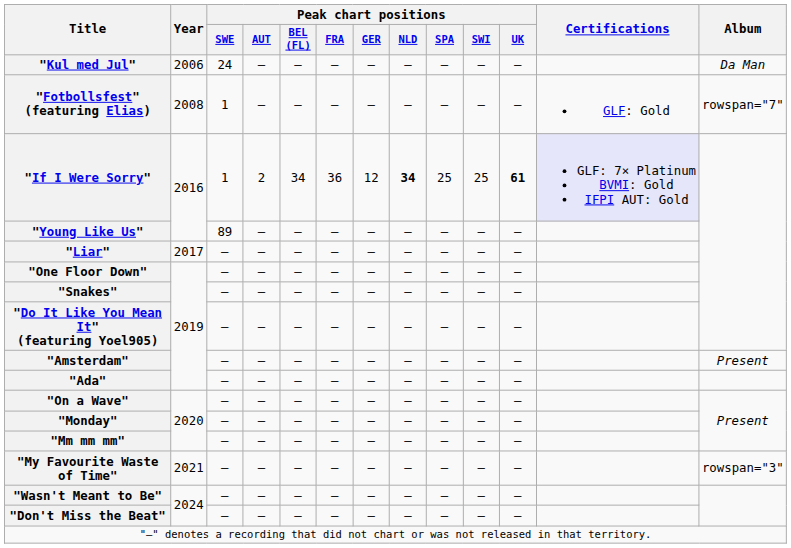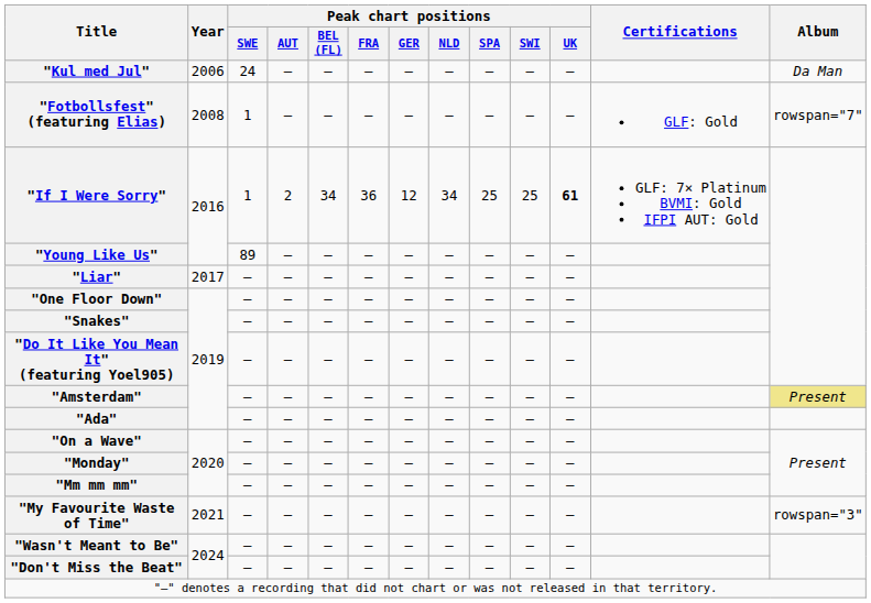 <table class="wikitable plainrowheaders" style="text-align:center;">
 <tr>
 <th scope="col" rowspan="2" style="width:13em;">Title</th>
 <th scope="col" rowspan="2" style="width:1em;">Year</th>
 <th scope="col" colspan="9">Peak chart positions</th>
 <th scope="col" rowspan="2"><a href='#'>Certifications</a></th>
 <th scope="col" rowspan="2">Album</th>
 </tr>
 <tr>
 <th scope="col" style="width:3em;font-size:85%;"><a href='#'>SWE</a><br></th>
 <th scope="col" style="width:3em;font-size:85%;"><a href='#'>AUT</a><br></th>
 <th scope="col" style="width:3em;font-size:85%;"><a href='#'>BEL (FL)</a><br></th>
 <th scope="col" style="width:3em;font-size:85%;"><a href='#'>FRA</a><br></th>
 <th scope="col" style="width:3em;font-size:85%;"><a href='#'>GER</a><br></th>
 <th scope="col" style="width:3em;font-size:85%;"><a href='#'>NLD</a><br></th>
 <th scope="col" style="width:3em;font-size:85%;"><a href='#'>SPA</a><br></th>
 <th scope="col" style="width:3em;font-size:85%;"><a href='#'>SWI</a><br></th>
 <th scope="col" style="width:3em;font-size:85%;"><a href='#'>UK</a><br></th>
 </tr>
 <tr>
 <th scope="row">"<a href='#'>Kul med Jul</a>"</th>
 <td>2006</td>
 <td>24</td>
 <td>—</td>
 <td>—</td>
 <td>—</td>
 <td>—</td>
 <td>—</td>
 <td>—</td>
 <td>—</td>
 <td>—</td>
 <td></td>
 <td><em>Da Man</em></td>
 </tr>
 <tr>
 <th scope="row">"<a href='#'>Fotbollsfest</a>"<br><span>(featuring <a href='#'>Elias</a>)</span></th>
 <td>2008</td>
 <td>1</td>
 <td>—</td>
 <td>—</td>
 <td>—</td>
 <td>—</td>
 <td>—</td>
 <td>—</td>
 <td>—</td>
 <td>—</td>
 <td><br><ul><li><a href='#'>GLF</a>: Gold</li></ul></td>
 <td>rowspan="7" </td>
 </tr>
 <tr>
 <th scope="row">"<a href='#'>If I Were Sorry</a>"</th>
 <td rowspan="2">2016</td>
 <td>1</td>
 <td>2</td>
 <td>34</td>
 <td>36</td>
 <td>12</td>
-<td><strong>34</strong></td>
+<td>34</td>
 <td>25</td>
 <td>25</td>
 <td><strong>61</strong></td>
-<td style="background: lavender;"><br><ul><li>GLF: 7× Platinum</li><li><a href='#'>BVMI</a>: Gold</li><li><a href='#'>IFPI</a> AUT: Gold</li></ul></td>
+<td><br><ul><li>GLF: 7× Platinum</li><li><a href='#'>BVMI</a>: Gold</li><li><a href='#'>IFPI</a> AUT: Gold</li></ul></td>
 </tr>
 <tr>
 <th scope="row">"<a href='#'>Young Like Us</a>"</th>
 <td>89</td>
 <td>—</td>
 <td>—</td>
 <td>—</td>
 <td>—</td>
 <td>—</td>
 <td>—</td>
 <td>—</td>
 <td>—</td>
 <td></td>
 </tr>
 <tr>
 <th scope="row">"<a href='#'>Liar</a>"</th>
 <td>2017</td>
 <td>—</td>
 <td>—</td>
 <td>—</td>
 <td>—</td>
 <td>—</td>
 <td>—</td>
 <td>—</td>
 <td>—</td>
 <td>—</td>
 <td></td>
 </tr>
 <tr>
 <th scope="row">"One Floor Down"</th>
 <td rowspan="5">2019</td>
 <td>—</td>
 <td>—</td>
 <td>—</td>
 <td>—</td>
 <td>—</td>
 <td>—</td>
 <td>—</td>
 <td>—</td>
 <td>—</td>
 <td></td>
 </tr>
 <tr>
 <th scope="row">"Snakes"</th>
 <td>—</td>
 <td>—</td>
 <td>—</td>
 <td>—</td>
 <td>—</td>
 <td>—</td>
 <td>—</td>
 <td>—</td>
 <td>—</td>
 <td></td>
 </tr>
 <tr>
 <th scope="row">"<a href='#'>Do It Like You Mean It</a>"<br><span>(featuring Yoel905)</span></th>
 <td>—</td>
 <td>—</td>
 <td>—</td>
 <td>—</td>
 <td>—</td>
 <td>—</td>
 <td>—</td>
 <td>—</td>
 <td>—</td>
 <td></td>
 </tr>
 <tr>
 <th scope="row">"Amsterdam"</th>
 <td>—</td>
 <td>—</td>
 <td>—</td>
 <td>—</td>
 <td>—</td>
 <td>—</td>
 <td>—</td>
 <td>—</td>
 <td>—</td>
 <td></td>
-<td><em>Present</em></td>
+<td style="background: khaki;"><em>Present</em></td>
 </tr>
 <tr>
 <th scope="row">"Ada"</th>
 <td>—</td>
 <td>—</td>
 <td>—</td>
 <td>—</td>
 <td>—</td>
 <td>—</td>
 <td>—</td>
 <td>—</td>
 <td>—</td>
 <td></td>
 <td></td>
 </tr>
 <tr>
 <th scope="row">"On a Wave"</th>
 <td rowspan="3">2020</td>
 <td>—</td>
 <td>—</td>
 <td>—</td>
 <td>—</td>
 <td>—</td>
 <td>—</td>
 <td>—</td>
 <td>—</td>
 <td>—</td>
 <td></td>
 <td rowspan="3"><em>Present</em></td>
 </tr>
 <tr>
 <th scope="row">"Monday"</th>
 <td>—</td>
 <td>—</td>
 <td>—</td>
 <td>—</td>
 <td>—</td>
 <td>—</td>
 <td>—</td>
 <td>—</td>
 <td>—</td>
 </tr>
 <tr>
 <th scope="row">"Mm mm mm"</th>
 <td>—</td>
 <td>—</td>
 <td>—</td>
 <td>—</td>
 <td>—</td>
 <td>—</td>
 <td>—</td>
 <td>—</td>
 <td>—</td>
 <td></td>
 </tr>
 <tr>
 <th scope="row">"My Favourite Waste of Time"</th>
 <td>2021</td>
 <td>—</td>
 <td>—</td>
 <td>—</td>
 <td>—</td>
 <td>—</td>
 <td>—</td>
 <td>—</td>
 <td>—</td>
 <td>—</td>
 <td></td>
 <td>rowspan="3" </td>
 </tr>
 <tr>
 <th scope="row">"Wasn't Meant to Be"</th>
 <td rowspan="2">2024</td>
 <td>—</td>
 <td>—</td>
 <td>—</td>
 <td>—</td>
 <td>—</td>
 <td>—</td>
 <td>—</td>
 <td>—</td>
 <td>—</td>
 <td></td>
 </tr>
 <tr>
 <th scope="row">"Don't Miss the Beat"</th>
 <td>—</td>
 <td>—</td>
 <td>—</td>
 <td>—</td>
 <td>—</td>
 <td>—</td>
 <td>—</td>
 <td>—</td>
 <td>—</td>
 <td></td>
 </tr>
 <tr>
 <td colspan="13" style="font-size:85%">"—" denotes a recording that did not chart or was not released in that territory.</td>
 </tr>
 </table>
